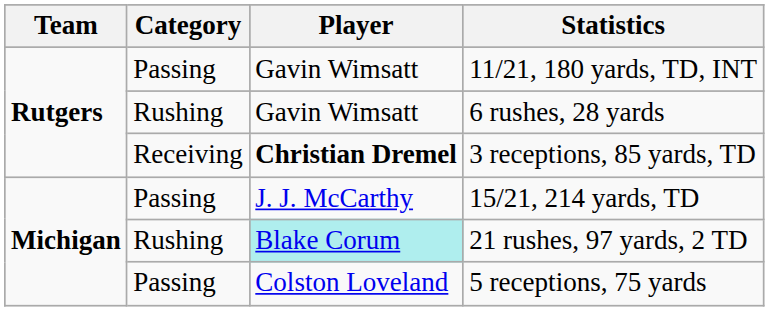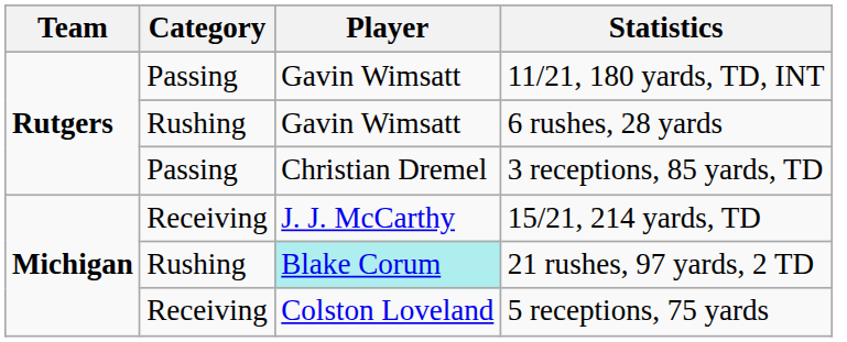 <table class="wikitable" style="float: left;">
 <tr>
 <th>Team</th>
 <th>Category</th>
 <th>Player</th>
 <th>Statistics</th>
 </tr>
 <tr>
 <td rowspan=3><strong>Rutgers</strong></td>
 <td>Passing</td>
 <td>Gavin Wimsatt</td>
 <td>11/21, 180 yards, TD, INT</td>
 </tr>
 <tr>
 <td>Rushing</td>
 <td>Gavin Wimsatt</td>
 <td>6 rushes, 28 yards</td>
 </tr>
 <tr>
-<td>Receiving</td>
-<td><strong>Christian Dremel</strong></td>
+<td>Passing</td>
+<td>Christian Dremel</td>
 <td>3 receptions, 85 yards, TD</td>
 </tr>
 <tr>
 <td rowspan=3><strong>Michigan</strong></td>
-<td>Passing</td>
+<td>Receiving</td>
 <td><a href='#'>J. J. McCarthy</a></td>
 <td>15/21, 214 yards, TD</td>
 </tr>
 <tr>
 <td>Rushing</td>
 <td style="background: paleturquoise;"><a href='#'>Blake Corum</a></td>
 <td>21 rushes, 97 yards, 2 TD</td>
 </tr>
 <tr>
-<td>Passing</td>
+<td>Receiving</td>
 <td><a href='#'>Colston Loveland</a></td>
 <td>5 receptions, 75 yards</td>
 </tr>
 </table>
